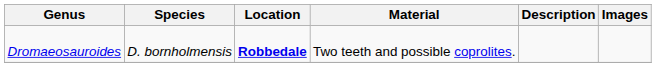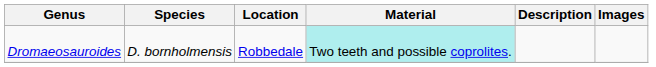 <table class="wikitable" align="center">
 <tr>
 <th>Genus</th>
 <th>Species</th>
 <th>Location</th>
 <th>Material</th>
 <th>Description</th>
 <th>Images</th>
 </tr>
 <tr>
 <td><br><em><a href='#'>Dromaeosauroides</a></em></td>
 <td><br><em>D. bornholmensis</em></td>
-<td><strong><br><a href='#'>Robbedale</a></strong></td>
-<td><br>Two teeth and possible <a href='#'>coprolites</a>.</td>
+<td><br><a href='#'>Robbedale</a></td>
+<td style="background: paleturquoise;"><br>Two teeth and possible <a href='#'>coprolites</a>.</td>
 <td></td>
 <td><br> </td>
 </tr>
 <tr>
 </tr>
 </table>
